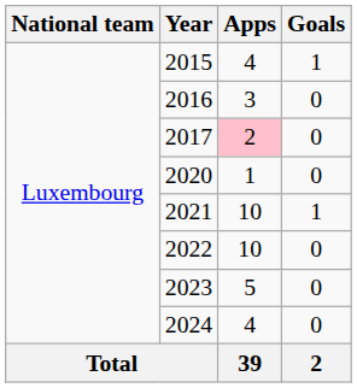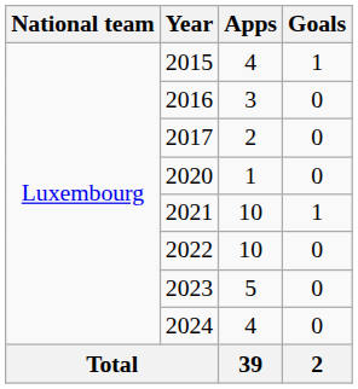 <table class="wikitable" style="text-align:center">
 <tr>
 <th>National team</th>
 <th>Year</th>
 <th>Apps</th>
 <th>Goals</th>
 </tr>
 <tr>
 <td rowspan="8"><a href='#'>Luxembourg</a></td>
 <td>2015</td>
 <td>4</td>
 <td>1</td>
 </tr>
 <tr>
 <td>2016</td>
 <td>3</td>
 <td>0</td>
 </tr>
 <tr>
 <td>2017</td>
-<td style="background: pink;">2</td>
+<td>2</td>
 <td>0</td>
 </tr>
 <tr>
 <td>2020</td>
 <td>1</td>
 <td>0</td>
 </tr>
 <tr>
 <td>2021</td>
 <td>10</td>
 <td>1</td>
 </tr>
 <tr>
 <td>2022</td>
 <td>10</td>
 <td>0</td>
 </tr>
 <tr>
 <td>2023</td>
 <td>5</td>
 <td>0</td>
 </tr>
 <tr>
 <td>2024</td>
 <td>4</td>
 <td>0</td>
 </tr>
 <tr>
 <th colspan="2">Total</th>
 <th>39</th>
 <th>2</th>
 </tr>
 </table>
